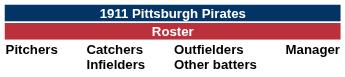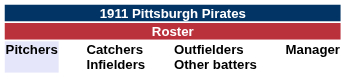 <table class="toccolours" style="font-size: 95%;">
 <tr>
 <th colspan="10" style="background-color: #023465; color: white; text-align: center;">1911 Pittsburgh Pirates</th>
 </tr>
 <tr>
 <td colspan="10" style="background-color: #ba313c; color: white; text-align: center;"><strong>Roster</strong></td>
 </tr>
 <tr>
-<td valign="top"><strong>Pitchers</strong><br>             </td>
+<td valign="top" style="background: lavender;"><strong>Pitchers</strong><br>             </td>
 <td width="25px"></td>
 <td valign="top"><strong>Catchers</strong><br>   <strong>Infielders</strong>         </td>
 <td width="25px"></td>
 <td valign="top"><strong>Outfielders</strong><br>      <strong>Other batters</strong> </td>
 <td width="25px"></td>
 <td valign="top"><strong>Manager</strong><br></td>
 </tr>
 </table>
